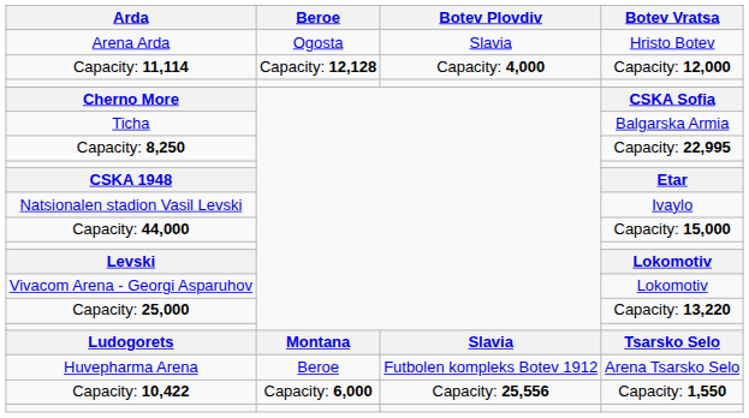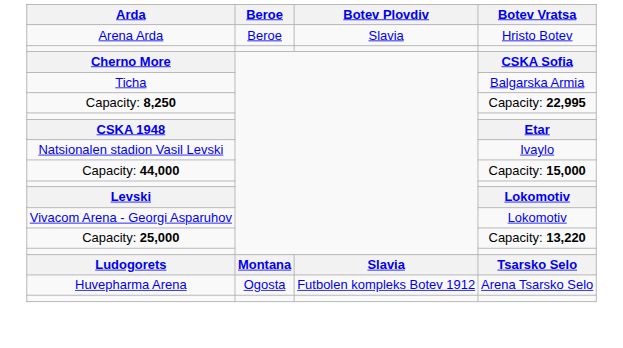 <table class="wikitable" style="text-align:center; margin:0.5em auto;">
 <tr>
 <th><a href='#'>Arda</a></th>
 <th><a href='#'>Beroe</a></th>
 <th><a href='#'>Botev Plovdiv</a></th>
 <th><a href='#'>Botev Vratsa</a></th>
 </tr>
 <tr>
 <td><a href='#'>Arena Arda</a></td>
-<td><a href='#'>Ogosta</a></td>
+<td><a href='#'>Beroe</a></td>
 <td><a href='#'>Slavia</a></td>
 <td><a href='#'>Hristo Botev</a></td>
-</tr>
-<tr>
-<td>Capacity: <strong>11,114</strong></td>
-<td>Capacity: <strong>12,128</strong></td>
-<td>Capacity: <strong>4,000</strong></td>
-<td>Capacity: <strong>12,000</strong></td>
 </tr>
 <tr>
 <td></td>
 <td></td>
 <td></td>
 <td></td>
 </tr>
 <tr>
 <th><a href='#'>Cherno More</a></th>
 <td colspan="2" rowspan="12"><br> </td>
 <th><a href='#'>CSKA Sofia</a></th>
 </tr>
 <tr>
 <td><a href='#'>Ticha</a></td>
 <td><a href='#'>Balgarska Armia</a></td>
 </tr>
 <tr>
 <td>Capacity: <strong>8,250</strong></td>
 <td>Capacity: <strong>22,995</strong></td>
 </tr>
 <tr>
 <td></td>
 <td></td>
 </tr>
 <tr>
 <th><a href='#'>CSKA 1948</a></th>
 <th><a href='#'>Etar</a></th>
 </tr>
 <tr>
 <td><a href='#'>Natsionalen stadion Vasil Levski</a></td>
 <td><a href='#'>Ivaylo</a></td>
 </tr>
 <tr>
 <td>Capacity: <strong>44,000</strong></td>
 <td>Capacity: <strong>15,000</strong></td>
 </tr>
 <tr>
 <td></td>
 <td></td>
 </tr>
 <tr>
 <th><a href='#'>Levski</a></th>
 <th><a href='#'>Lokomotiv</a></th>
 </tr>
 <tr>
 <td><a href='#'>Vivacom Arena - Georgi Asparuhov</a></td>
 <td><a href='#'>Lokomotiv</a></td>
 </tr>
 <tr>
 <td>Capacity: <strong>25,000</strong></td>
 <td>Capacity: <strong>13,220</strong></td>
 </tr>
 <tr>
 <td></td>
 <td></td>
 </tr>
 <tr>
 <th><a href='#'>Ludogorets</a></th>
 <th><a href='#'>Montana</a></th>
 <th><a href='#'>Slavia</a></th>
 <th><a href='#'>Tsarsko Selo</a></th>
 </tr>
 <tr>
 <td><a href='#'>Huvepharma Arena</a></td>
-<td><a href='#'>Beroe</a></td>
+<td><a href='#'>Ogosta</a></td>
 <td><a href='#'>Futbolen kompleks Botev 1912</a></td>
 <td><a href='#'>Arena Tsarsko Selo</a></td>
-</tr>
-<tr>
-<td>Capacity: <strong>10,422</strong></td>
-<td>Capacity: <strong>6,000</strong></td>
-<td>Capacity: <strong>25,556</strong></td>
-<td>Capacity: <strong>1,550</strong></td>
 </tr>
 <tr>
 <td></td>
 <td></td>
 <td></td>
 <td></td>
 </tr>
 </table>
